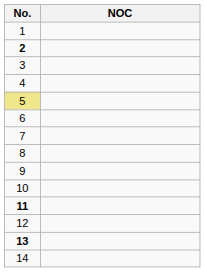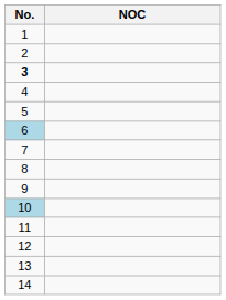 <table class="wikitable" style="text-align:center; font-size:90%">
 <tr>
 <th width=40>No.</th>
 <th width=200>NOC</th>
 </tr>
 <tr>
 <td>1</td>
 <td align=left></td>
 </tr>
 <tr>
-<td><strong>2</strong></td>
+<td>2</td>
 <td align=left></td>
 </tr>
 <tr>
-<td>3</td>
+<td><strong>3</strong></td>
 <td align=left></td>
 </tr>
 <tr>
 <td>4</td>
 <td align=left></td>
 </tr>
 <tr>
-<td style="background: khaki;">5</td>
+<td>5</td>
 <td align=left></td>
 </tr>
 <tr>
-<td>6</td>
+<td style="background: lightblue;">6</td>
 <td align=left></td>
 </tr>
 <tr>
 <td>7</td>
 <td align=left></td>
 </tr>
 <tr>
 <td>8</td>
 <td align=left></td>
 </tr>
 <tr>
 <td>9</td>
 <td align=left></td>
 </tr>
 <tr>
-<td>10</td>
+<td style="background: lightblue;">10</td>
 <td align=left></td>
 </tr>
 <tr>
-<td><strong>11</strong></td>
+<td>11</td>
 <td align=left></td>
 </tr>
 <tr>
 <td>12</td>
 <td align=left></td>
 </tr>
 <tr>
-<td><strong>13</strong></td>
+<td>13</td>
 <td align=left></td>
 </tr>
 <tr>
 <td>14</td>
 <td align=left></td>
 </tr>
 </table>
